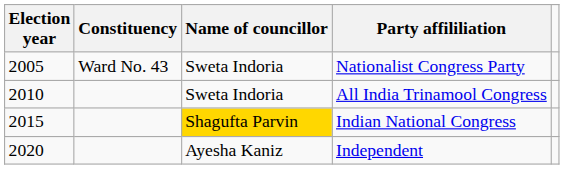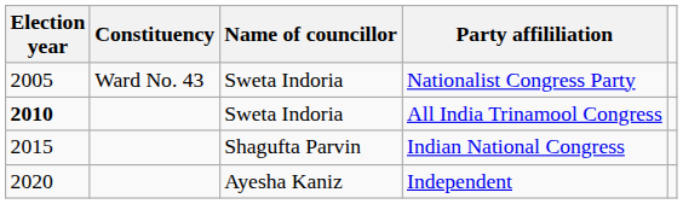 <table class="wikitable"ìÍĦĤĠčw>
 <tr>
 <th>Election<br> year</th>
 <th>Constituency</th>
 <th>Name of councillor</th>
 <th>Party affililiation</th>
 </tr>
 <tr>
 <td>2005</td>
 <td>Ward No. 43</td>
 <td>Sweta Indoria</td>
 <td><a href='#'>Nationalist Congress Party</a></td>
 <td></td>
 </tr>
 <tr>
-<td>2010</td>
+<td><strong>2010</strong></td>
 <td></td>
 <td>Sweta Indoria</td>
 <td><a href='#'>All India Trinamool Congress</a></td>
 <td></td>
 </tr>
 <tr>
 <td>2015</td>
 <td></td>
-<td style="background: gold;">Shagufta Parvin</td>
+<td>Shagufta Parvin</td>
 <td><a href='#'>Indian National Congress</a></td>
 <td></td>
 </tr>
 <tr>
 <td>2020</td>
 <td></td>
 <td>Ayesha Kaniz</td>
 <td><a href='#'>Independent</a></td>
 <td></td>
 </tr>
 </table>
